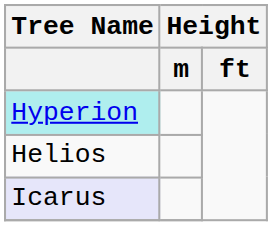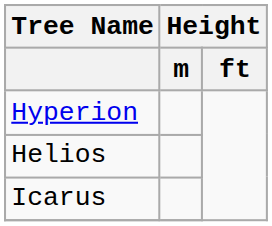 <table class="wikitable">
 <tr>
 <th>Tree Name</th>
 <th colspan=2>Height</th>
 </tr>
 <tr>
 <th></th>
 <th>m</th>
 <th>ft</th>
 </tr>
 <tr>
-<td style="background: paleturquoise;"><a href='#'>Hyperion</a></td>
+<td><a href='#'>Hyperion</a></td>
 <td></td>
 </tr>
 <tr>
 <td>Helios</td>
 <td></td>
 </tr>
 <tr>
-<td style="background: lavender;">Icarus</td>
+<td>Icarus</td>
 <td></td>
 </tr>
 <tr>
 </tr>
 </table>
